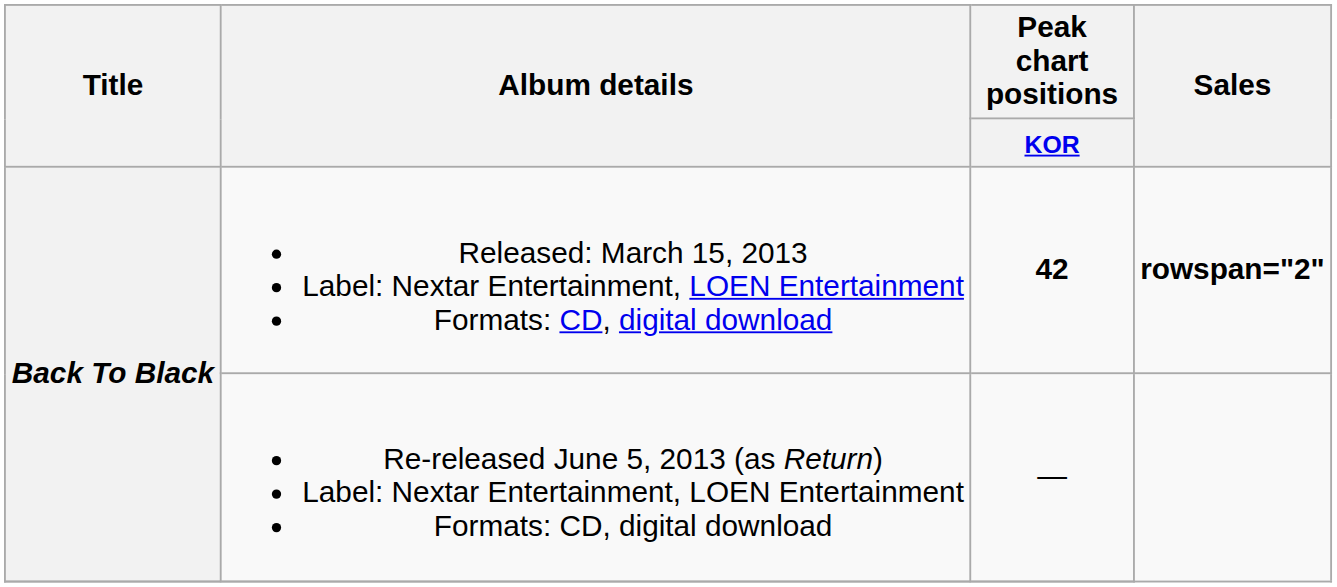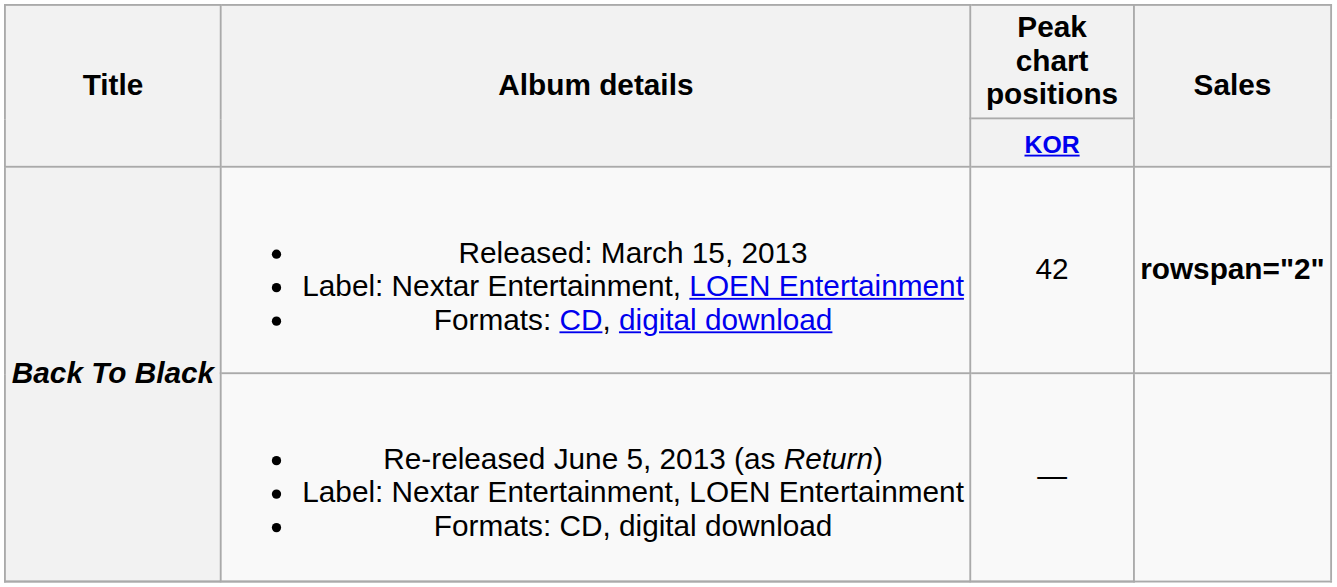 <table class="wikitable plainrowheaders" style="text-align:center;">
 <tr>
 <th scope="col" rowspan="2">Title</th>
 <th scope="col" rowspan="2">Album details</th>
 <th scope="col" colspan="1" style="width:5em;">Peak chart positions</th>
 <th scope="col" rowspan="2">Sales</th>
 </tr>
 <tr>
 <th><small><a href='#'>KOR</a></small><br></th>
 </tr>
 <tr>
 <th scope="row" rowspan="2"><em>Back To Black</em></th>
 <td><br><ul><li>Released: March 15, 2013</li><li>Label: Nextar Entertainment, <a href='#'>LOEN Entertainment</a></li><li>Formats: <a href='#'>CD</a>, <a href='#'>digital download</a></li></ul></td>
-<td><strong>42</strong></td>
+<td>42</td>
 <td><strong>rowspan="2" </strong></td>
 </tr>
 <tr>
 <td><br><ul><li>Re-released June 5, 2013 (as <em>Return</em>)</li><li>Label: Nextar Entertainment, LOEN Entertainment</li><li>Formats: CD, digital download</li></ul></td>
 <td>—</td>
 </tr>
 <tr>
 </tr>
 </table>
